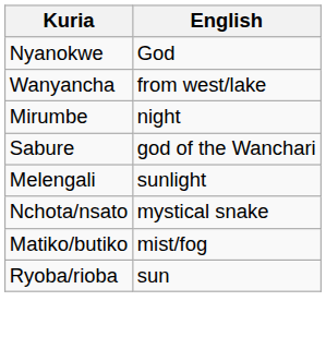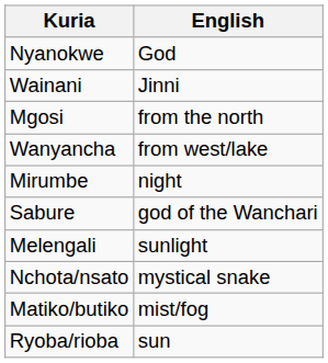 <table class="wikitable" style="display: inline-table;">
 <tr>
 <th>Kuria</th>
 <th>English</th>
 </tr>
 <tr>
 <td>Nyanokwe</td>
 <td>God</td>
+</tr>
+<tr>
+<td>Wainani</td>
+<td>Jinni</td>
+</tr>
+<tr>
+<td>Mgosi</td>
+<td>from the north</td>
 </tr>
 <tr>
 <td>Wanyancha</td>
 <td>from west/lake</td>
 </tr>
 <tr>
 <td>Mirumbe</td>
 <td>night</td>
 </tr>
 <tr>
 <td>Sabure</td>
 <td>god of the Wanchari</td>
 </tr>
 <tr>
 <td>Melengali</td>
 <td>sunlight</td>
 </tr>
 <tr>
 <td>Nchota/nsato</td>
 <td>mystical snake</td>
 </tr>
 <tr>
 <td>Matiko/butiko</td>
 <td>mist/fog</td>
 </tr>
 <tr>
 <td>Ryoba/rioba</td>
 <td>sun</td>
 </tr>
 </table>
